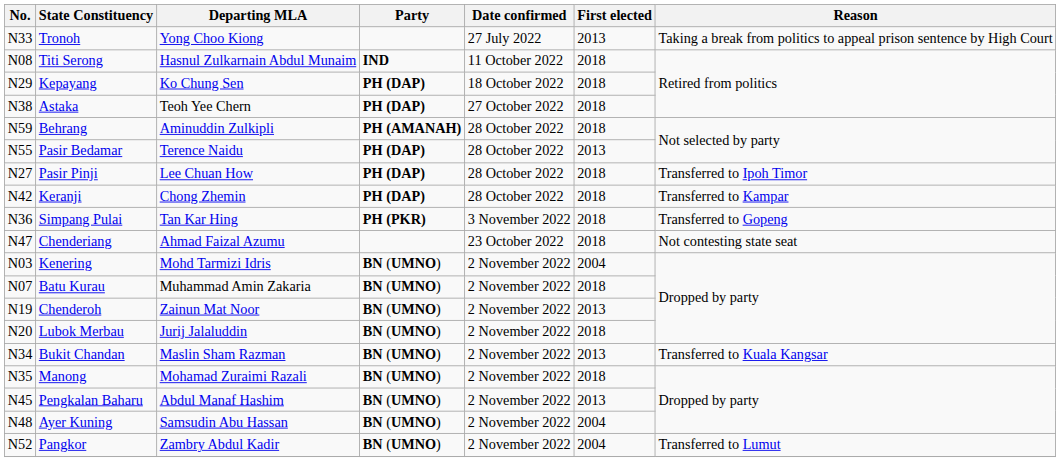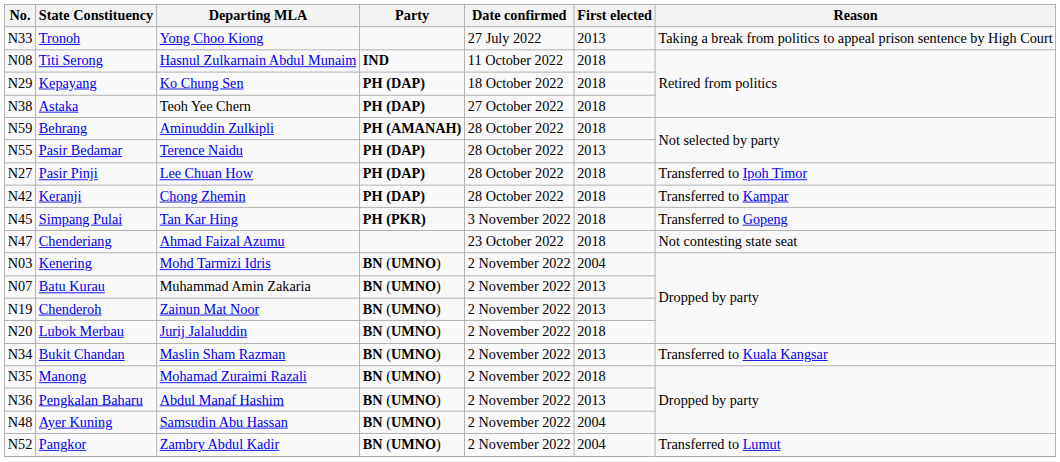 <table class="wikitable">
 <tr>
 <th>No.</th>
 <th>State Constituency</th>
 <th>Departing MLA</th>
 <th>Party</th>
 <th>Date confirmed</th>
 <th>First elected</th>
 <th>Reason</th>
 </tr>
 <tr>
 <td>N33</td>
 <td><a href='#'>Tronoh</a></td>
 <td><a href='#'>Yong Choo Kiong</a></td>
 <td></td>
 <td>27 July 2022</td>
 <td>2013</td>
 <td>Taking a break from politics to appeal prison sentence by High Court</td>
 </tr>
 <tr>
 <td>N08</td>
 <td><a href='#'>Titi Serong</a></td>
 <td><a href='#'>Hasnul Zulkarnain Abdul Munaim</a></td>
 <td><strong>IND</strong></td>
 <td>11 October 2022</td>
 <td>2018</td>
 <td rowspan="3">Retired from politics</td>
 </tr>
 <tr>
 <td>N29</td>
 <td><a href='#'>Kepayang</a></td>
 <td><a href='#'>Ko Chung Sen</a></td>
 <td><strong>PH (DAP)</strong></td>
 <td>18 October 2022</td>
 <td>2018</td>
 </tr>
 <tr>
 <td>N38</td>
 <td><a href='#'>Astaka</a></td>
 <td>Teoh Yee Chern</td>
 <td><strong>PH (DAP)</strong></td>
 <td>27 October 2022</td>
 <td>2018</td>
 </tr>
 <tr>
 <td>N59</td>
 <td><a href='#'>Behrang</a></td>
 <td><a href='#'>Aminuddin Zulkipli</a></td>
 <td><strong>PH (AMANAH)</strong></td>
 <td>28 October 2022</td>
 <td>2018</td>
 <td rowspan=2>Not selected by party</td>
 </tr>
 <tr>
 <td>N55</td>
 <td><a href='#'>Pasir Bedamar</a></td>
 <td><a href='#'>Terence Naidu</a></td>
 <td><strong>PH (DAP)</strong></td>
 <td>28 October 2022</td>
 <td>2013</td>
 </tr>
 <tr>
 <td>N27</td>
 <td><a href='#'>Pasir Pinji</a></td>
 <td><a href='#'>Lee Chuan How</a></td>
 <td><strong>PH (DAP)</strong></td>
 <td>28 October 2022</td>
 <td>2018</td>
 <td>Transferred to <a href='#'>Ipoh Timor</a></td>
 </tr>
 <tr>
 <td>N42</td>
 <td><a href='#'>Keranji</a></td>
 <td><a href='#'>Chong Zhemin</a></td>
 <td><strong>PH (DAP)</strong></td>
 <td>28 October 2022</td>
 <td>2018</td>
 <td>Transferred to <a href='#'>Kampar</a></td>
 </tr>
 <tr>
-<td>N36</td>
+<td>N45</td>
 <td><a href='#'>Simpang Pulai</a></td>
 <td><a href='#'>Tan Kar Hing</a></td>
 <td><strong>PH (PKR)</strong></td>
 <td>3 November 2022</td>
 <td>2018</td>
 <td>Transferred to <a href='#'>Gopeng</a></td>
 </tr>
 <tr>
 <td>N47</td>
 <td><a href='#'>Chenderiang</a></td>
 <td><a href='#'>Ahmad Faizal Azumu</a></td>
 <td></td>
 <td>23 October 2022</td>
 <td>2018</td>
 <td>Not contesting state seat</td>
 </tr>
 <tr>
 <td>N03</td>
 <td><a href='#'>Kenering</a></td>
 <td><a href='#'>Mohd Tarmizi Idris</a></td>
 <td><strong>BN</strong> (<strong>UMNO</strong>)</td>
 <td>2 November 2022</td>
 <td>2004</td>
 <td rowspan=4>Dropped by party</td>
 </tr>
 <tr>
 <td>N07</td>
 <td><a href='#'>Batu Kurau</a></td>
 <td>Muhammad Amin Zakaria</td>
 <td><strong>BN</strong> (<strong>UMNO</strong>)</td>
 <td>2 November 2022</td>
-<td>2018</td>
+<td>2013</td>
 </tr>
 <tr>
 <td>N19</td>
 <td><a href='#'>Chenderoh</a></td>
 <td><a href='#'>Zainun Mat Noor</a></td>
 <td><strong>BN</strong> (<strong>UMNO</strong>)</td>
 <td>2 November 2022</td>
 <td>2013</td>
 </tr>
 <tr>
 <td>N20</td>
 <td><a href='#'>Lubok Merbau</a></td>
 <td><a href='#'>Jurij Jalaluddin</a></td>
 <td><strong>BN</strong> (<strong>UMNO</strong>)</td>
 <td>2 November 2022</td>
 <td>2018</td>
 </tr>
 <tr>
 <td>N34</td>
 <td><a href='#'>Bukit Chandan</a></td>
 <td><a href='#'>Maslin Sham Razman</a></td>
 <td><strong>BN</strong> (<strong>UMNO</strong>)</td>
 <td>2 November 2022</td>
 <td>2013</td>
 <td>Transferred to <a href='#'>Kuala Kangsar</a></td>
 </tr>
 <tr>
 <td>N35</td>
 <td><a href='#'>Manong</a></td>
 <td><a href='#'>Mohamad Zuraimi Razali</a></td>
 <td><strong>BN</strong> (<strong>UMNO</strong>)</td>
 <td>2 November 2022</td>
 <td>2018</td>
 <td rowspan=3>Dropped by party</td>
 </tr>
 <tr>
-<td>N45</td>
+<td>N36</td>
 <td><a href='#'>Pengkalan Baharu</a></td>
 <td><a href='#'>Abdul Manaf Hashim</a></td>
 <td><strong>BN</strong> (<strong>UMNO</strong>)</td>
 <td>2 November 2022</td>
 <td>2013</td>
 </tr>
 <tr>
 <td>N48</td>
 <td><a href='#'>Ayer Kuning</a></td>
 <td><a href='#'>Samsudin Abu Hassan</a></td>
 <td><strong>BN</strong> (<strong>UMNO</strong>)</td>
 <td>2 November 2022</td>
 <td>2004</td>
 </tr>
 <tr>
 <td>N52</td>
 <td><a href='#'>Pangkor</a></td>
 <td><a href='#'>Zambry Abdul Kadir</a></td>
 <td><strong>BN</strong> (<strong>UMNO</strong>)</td>
 <td>2 November 2022</td>
 <td>2004</td>
 <td>Transferred to <a href='#'>Lumut</a></td>
 </tr>
 <tr>
 </tr>
 </table>
